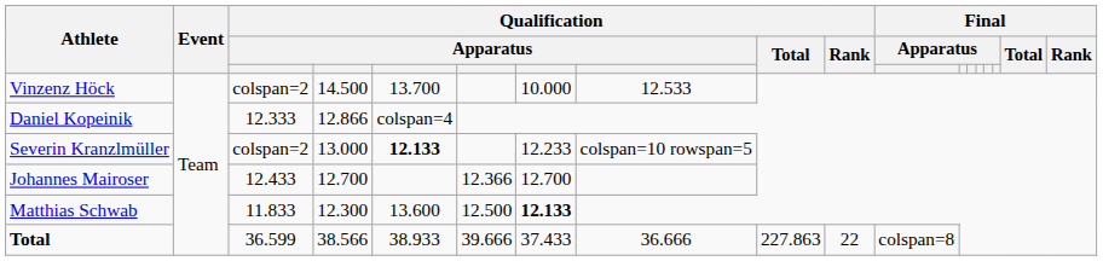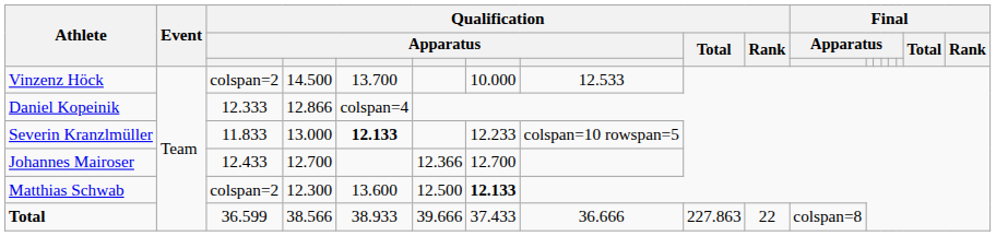 <table class="wikitable" style="font-size:90%">
 <tr>
 <th rowspan=3>Athlete</th>
 <th rowspan=3>Event</th>
 <th colspan =8>Qualification</th>
 <th colspan =8>Final</th>
 </tr>
 <tr style="font-size:95%">
 <th colspan=6>Apparatus</th>
 <th rowspan=2>Total</th>
 <th rowspan=2>Rank</th>
 <th colspan=6>Apparatus</th>
 <th rowspan=2>Total</th>
 <th rowspan=2>Rank</th>
 </tr>
 <tr style="font-size:95%">
 <th></th>
 <th></th>
 <th></th>
 <th></th>
 <th></th>
 <th></th>
 <th></th>
 <th></th>
 <th></th>
 <th></th>
 <th></th>
 <th></th>
 </tr>
 <tr align=center>
 <td align=left><a href='#'>Vinzenz Höck</a></td>
 <td align=left rowspan=6>Team</td>
 <td>colspan=2</td>
 <td>14.500</td>
 <td>13.700</td>
 <td></td>
 <td>10.000</td>
 <td>12.533</td>
 </tr>
 <tr align=center>
 <td align=left><a href='#'>Daniel Kopeinik</a></td>
 <td>12.333</td>
 <td>12.866</td>
 <td>colspan=4</td>
 </tr>
 <tr align=center>
 <td align=left><a href='#'>Severin Kranzlmüller</a></td>
-<td>colspan=2</td>
+<td>11.833</td>
 <td>13.000</td>
 <td><strong>12.133</strong></td>
 <td></td>
 <td>12.233</td>
 <td>colspan=10 rowspan=5 </td>
 </tr>
 <tr align=center>
 <td align=left><a href='#'>Johannes Mairoser</a></td>
 <td>12.433</td>
 <td>12.700</td>
 <td></td>
 <td>12.366</td>
 <td>12.700</td>
 <td></td>
 </tr>
 <tr align=center>
 <td align=left><a href='#'>Matthias Schwab</a></td>
-<td>11.833</td>
+<td>colspan=2</td>
 <td>12.300</td>
 <td>13.600</td>
 <td>12.500</td>
 <td><strong>12.133</strong></td>
 </tr>
 <tr align=center>
 <td align=left><strong>Total</strong></td>
 <td>36.599</td>
 <td>38.566</td>
 <td>38.933</td>
 <td>39.666</td>
 <td>37.433</td>
 <td>36.666</td>
 <td>227.863</td>
 <td>22</td>
 <td>colspan=8</td>
 </tr>
 </table>
